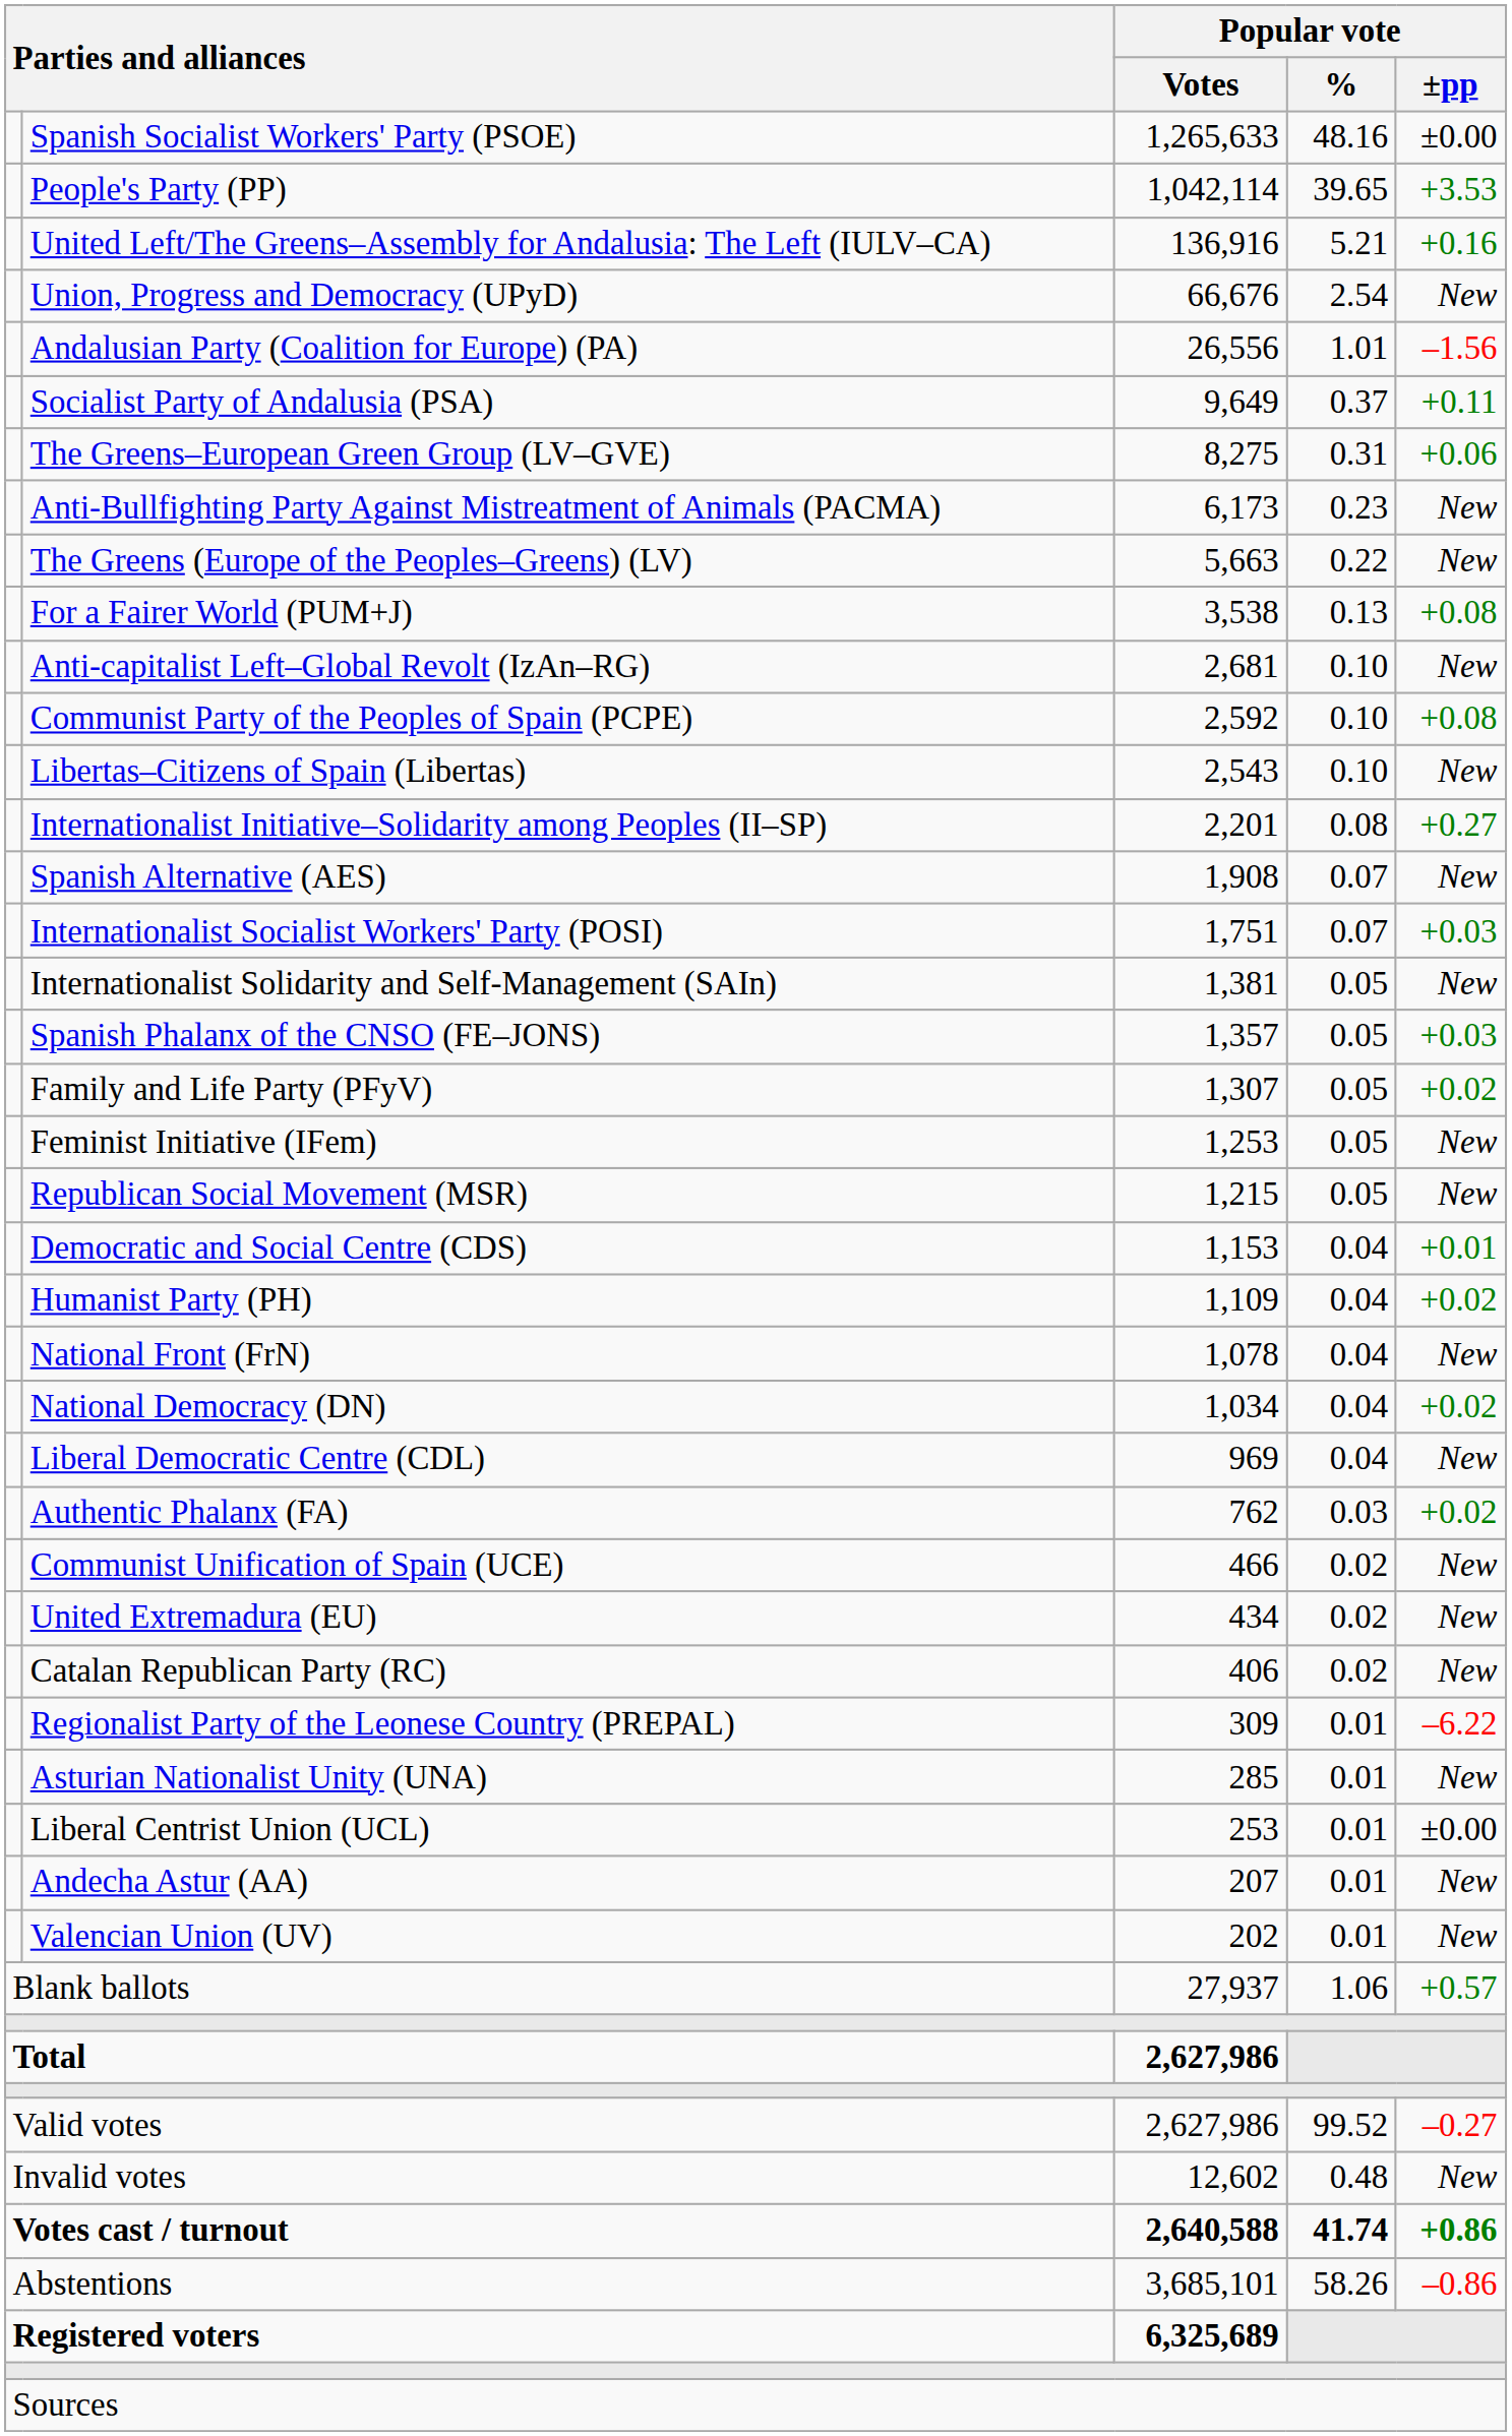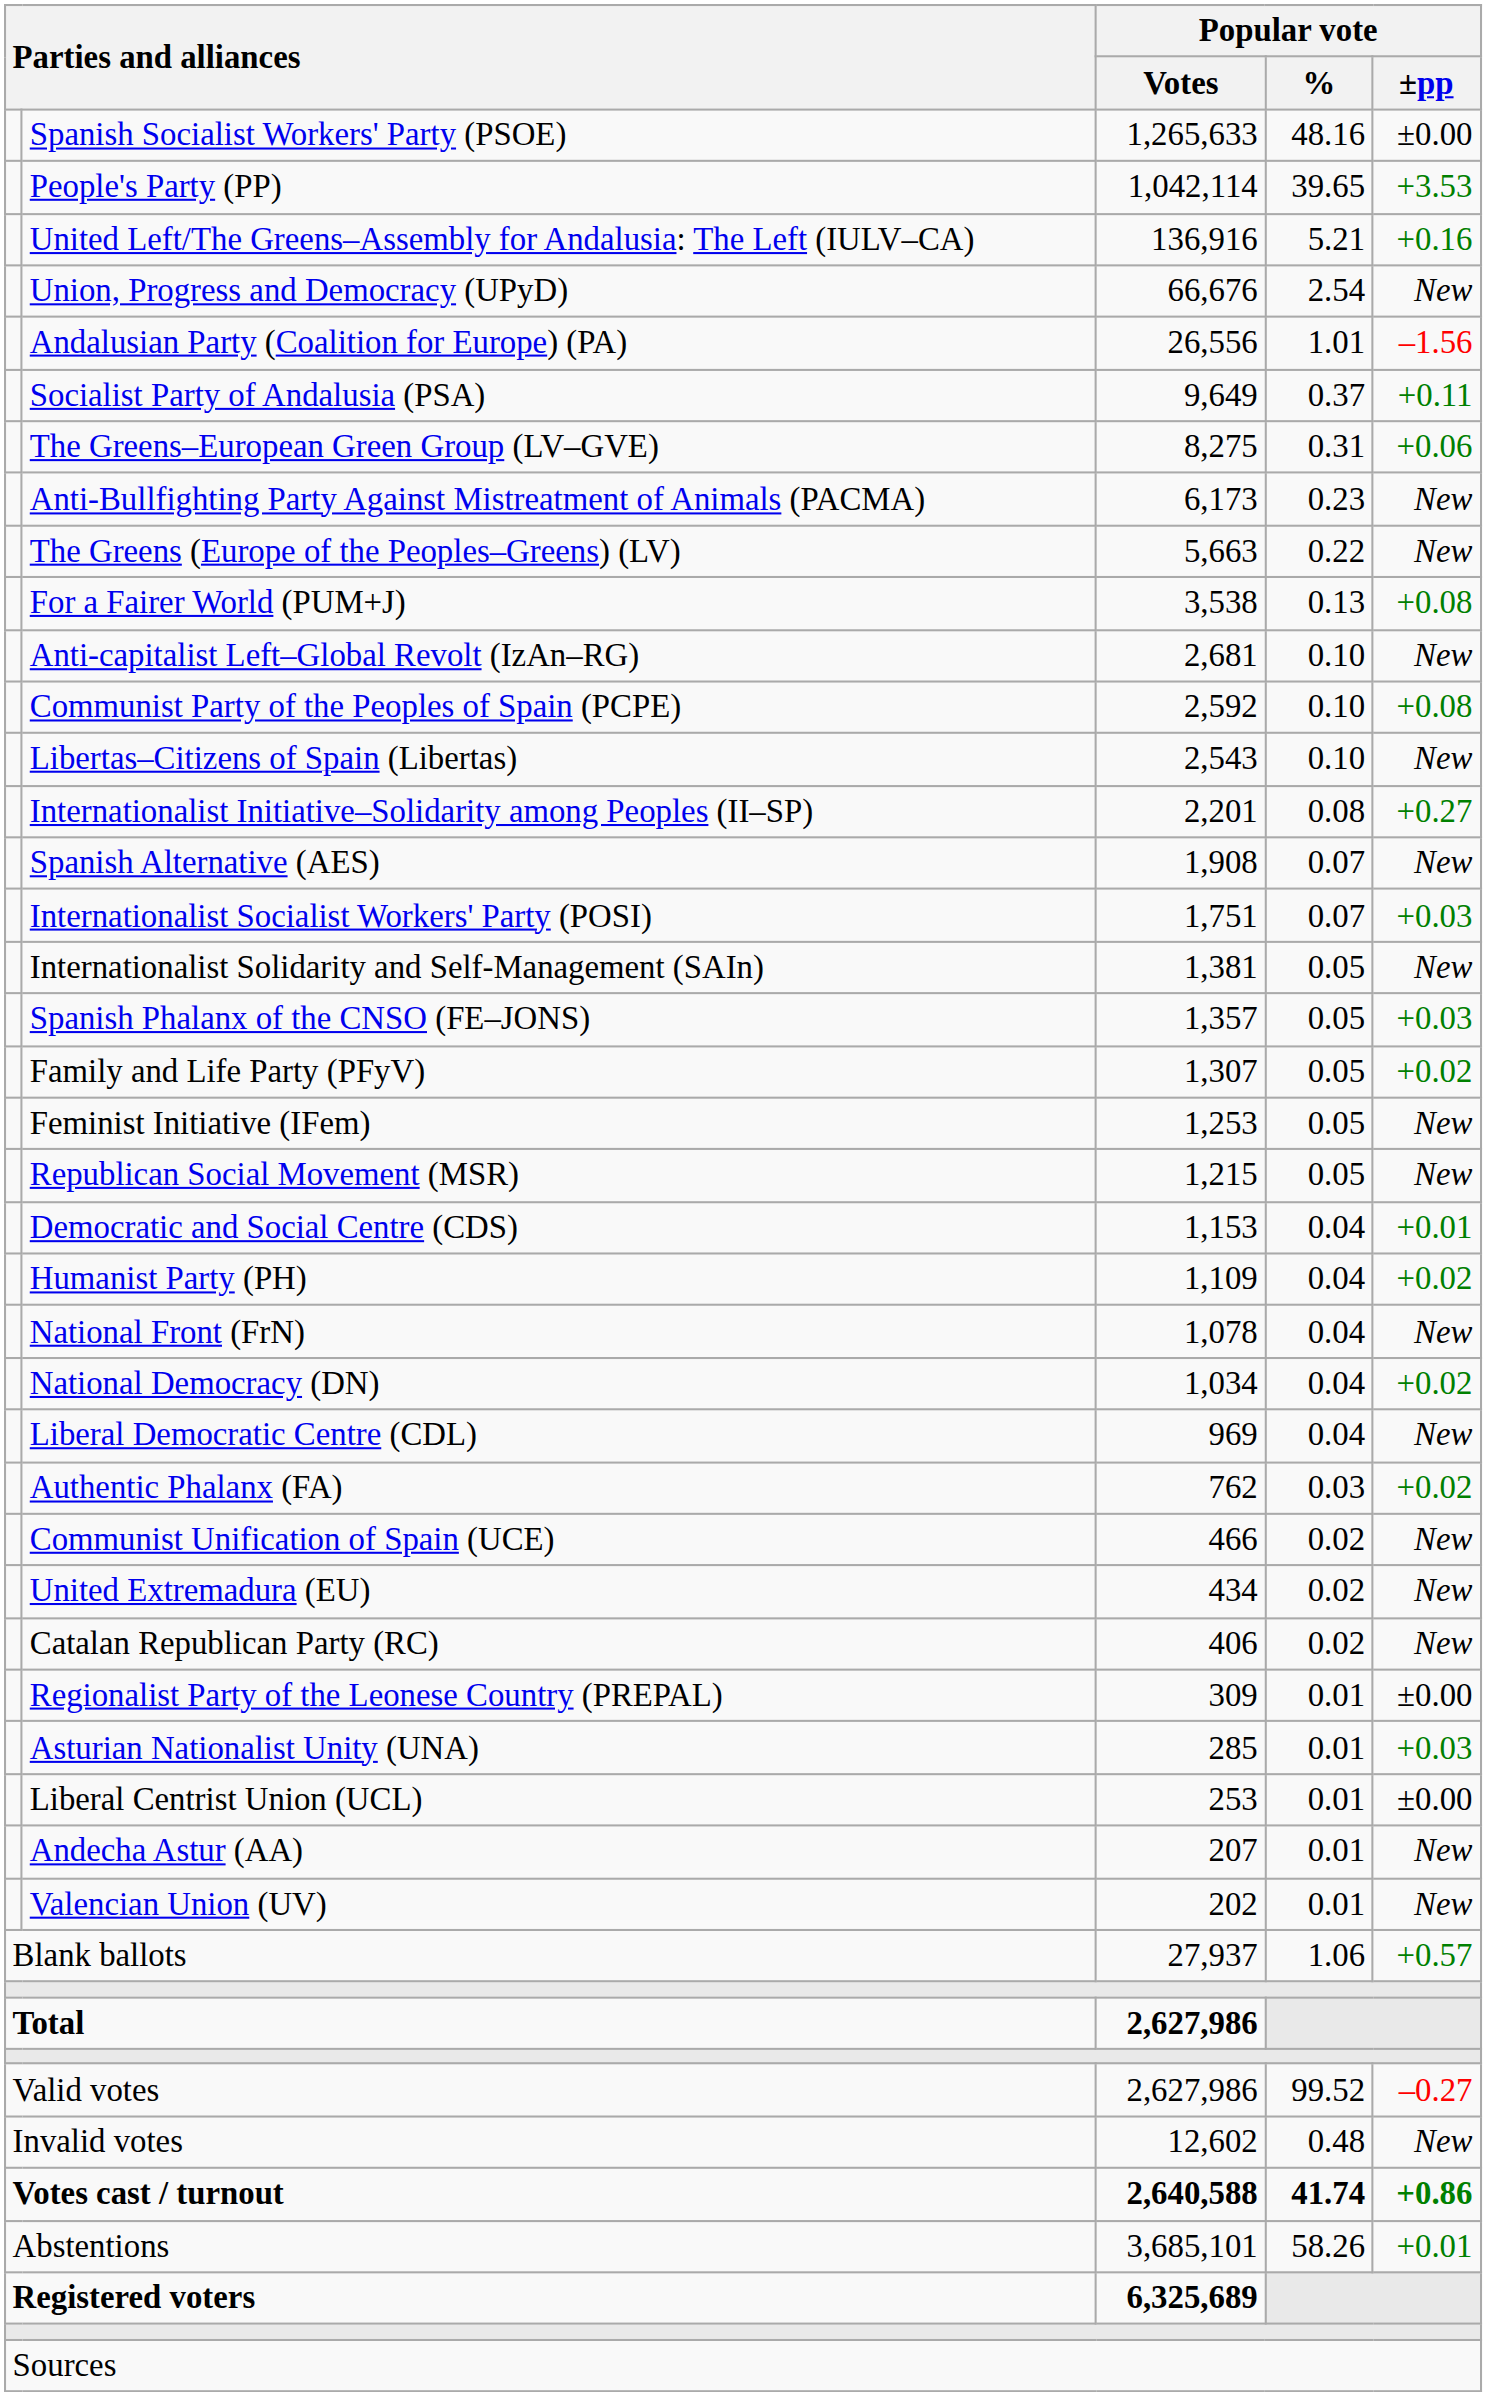 <table class="wikitable" style="text-align:right">
 <tr>
 <th style="text-align:left;" rowspan="2" colspan="2" width="525">Parties and alliances</th>
 <th colspan="3">Popular vote</th>
 </tr>
 <tr>
 <th width="75">Votes</th>
 <th width="45">%</th>
 <th width="45">±<a href='#'>pp</a></th>
 </tr>
 <tr>
 <td width="1" style="color:inherit;background:"></td>
 <td align="left"><a href='#'>Spanish Socialist Workers' Party</a> (PSOE)</td>
 <td>1,265,633</td>
 <td>48.16</td>
 <td>±0.00</td>
 </tr>
 <tr>
 <td style="color:inherit;background:"></td>
 <td align="left"><a href='#'>People's Party</a> (PP)</td>
 <td>1,042,114</td>
 <td>39.65</td>
 <td style="color:green;">+3.53</td>
 </tr>
 <tr>
 <td style="color:inherit;background:"></td>
 <td align="left"><a href='#'>United Left/The Greens–Assembly for Andalusia</a>: <a href='#'>The Left</a> (IULV–CA)</td>
 <td>136,916</td>
 <td>5.21</td>
 <td style="color:green;">+0.16</td>
 </tr>
 <tr>
 <td style="color:inherit;background:"></td>
 <td align="left"><a href='#'>Union, Progress and Democracy</a> (UPyD)</td>
 <td>66,676</td>
 <td>2.54</td>
 <td><em>New</em></td>
 </tr>
 <tr>
 <td style="color:inherit;background:"></td>
 <td align="left"><a href='#'>Andalusian Party</a> (<a href='#'>Coalition for Europe</a>) (PA)</td>
 <td>26,556</td>
 <td>1.01</td>
 <td style="color:red;">–1.56</td>
 </tr>
 <tr>
 <td style="color:inherit;background:"></td>
 <td align="left"><a href='#'>Socialist Party of Andalusia</a> (PSA)</td>
 <td>9,649</td>
 <td>0.37</td>
 <td style="color:green;">+0.11</td>
 </tr>
 <tr>
 <td style="color:inherit;background:"></td>
 <td align="left"><a href='#'>The Greens–European Green Group</a> (LV–GVE)</td>
 <td>8,275</td>
 <td>0.31</td>
 <td style="color:green;">+0.06</td>
 </tr>
 <tr>
 <td style="color:inherit;background:"></td>
 <td align="left"><a href='#'>Anti-Bullfighting Party Against Mistreatment of Animals</a> (PACMA)</td>
 <td>6,173</td>
 <td>0.23</td>
 <td><em>New</em></td>
 </tr>
 <tr>
 <td style="color:inherit;background:"></td>
 <td align="left"><a href='#'>The Greens</a> (<a href='#'>Europe of the Peoples–Greens</a>) (LV)</td>
 <td>5,663</td>
 <td>0.22</td>
 <td><em>New</em></td>
 </tr>
 <tr>
 <td style="color:inherit;background:"></td>
 <td align="left"><a href='#'>For a Fairer World</a> (PUM+J)</td>
 <td>3,538</td>
 <td>0.13</td>
 <td style="color:green;">+0.08</td>
 </tr>
 <tr>
 <td style="color:inherit;background:"></td>
 <td align="left"><a href='#'>Anti-capitalist Left–Global Revolt</a> (IzAn–RG)</td>
 <td>2,681</td>
 <td>0.10</td>
 <td><em>New</em></td>
 </tr>
 <tr>
 <td style="color:inherit;background:"></td>
 <td align="left"><a href='#'>Communist Party of the Peoples of Spain</a> (PCPE)</td>
 <td>2,592</td>
 <td>0.10</td>
 <td style="color:green;">+0.08</td>
 </tr>
 <tr>
 <td style="color:inherit;background:"></td>
 <td align="left"><a href='#'>Libertas–Citizens of Spain</a> (Libertas)</td>
 <td>2,543</td>
 <td>0.10</td>
 <td><em>New</em></td>
 </tr>
 <tr>
 <td style="color:inherit;background:"></td>
 <td align="left"><a href='#'>Internationalist Initiative–Solidarity among Peoples</a> (II–SP)</td>
 <td>2,201</td>
 <td>0.08</td>
 <td style="color:green;">+0.27</td>
 </tr>
 <tr>
 <td style="color:inherit;background:"></td>
 <td align="left"><a href='#'>Spanish Alternative</a> (AES)</td>
 <td>1,908</td>
 <td>0.07</td>
 <td><em>New</em></td>
 </tr>
 <tr>
 <td style="color:inherit;background:"></td>
 <td align="left"><a href='#'>Internationalist Socialist Workers' Party</a> (POSI)</td>
 <td>1,751</td>
 <td>0.07</td>
 <td style="color:green;">+0.03</td>
 </tr>
 <tr>
 <td style="color:inherit;background:"></td>
 <td align="left">Internationalist Solidarity and Self-Management (SAIn)</td>
 <td>1,381</td>
 <td>0.05</td>
 <td><em>New</em></td>
 </tr>
 <tr>
 <td style="color:inherit;background:"></td>
 <td align="left"><a href='#'>Spanish Phalanx of the CNSO</a> (FE–JONS)</td>
 <td>1,357</td>
 <td>0.05</td>
 <td style="color:green;">+0.03</td>
 </tr>
 <tr>
 <td style="color:inherit;background:"></td>
 <td align="left">Family and Life Party (PFyV)</td>
 <td>1,307</td>
 <td>0.05</td>
 <td style="color:green;">+0.02</td>
 </tr>
 <tr>
 <td style="color:inherit;background:"></td>
 <td align="left">Feminist Initiative (IFem)</td>
 <td>1,253</td>
 <td>0.05</td>
 <td><em>New</em></td>
 </tr>
 <tr>
 <td style="color:inherit;background:"></td>
 <td align="left"><a href='#'>Republican Social Movement</a> (MSR)</td>
 <td>1,215</td>
 <td>0.05</td>
 <td><em>New</em></td>
 </tr>
 <tr>
 <td style="color:inherit;background:"></td>
 <td align="left"><a href='#'>Democratic and Social Centre</a> (CDS)</td>
 <td>1,153</td>
 <td>0.04</td>
 <td style="color:green;">+0.01</td>
 </tr>
 <tr>
 <td style="color:inherit;background:"></td>
 <td align="left"><a href='#'>Humanist Party</a> (PH)</td>
 <td>1,109</td>
 <td>0.04</td>
 <td style="color:green;">+0.02</td>
 </tr>
 <tr>
 <td style="color:inherit;background:"></td>
 <td align="left"><a href='#'>National Front</a> (FrN)</td>
 <td>1,078</td>
 <td>0.04</td>
 <td><em>New</em></td>
 </tr>
 <tr>
 <td style="color:inherit;background:"></td>
 <td align="left"><a href='#'>National Democracy</a> (DN)</td>
 <td>1,034</td>
 <td>0.04</td>
 <td style="color:green;">+0.02</td>
 </tr>
 <tr>
 <td style="color:inherit;background:"></td>
 <td align="left"><a href='#'>Liberal Democratic Centre</a> (CDL)</td>
 <td>969</td>
 <td>0.04</td>
 <td><em>New</em></td>
 </tr>
 <tr>
 <td style="color:inherit;background:"></td>
 <td align="left"><a href='#'>Authentic Phalanx</a> (FA)</td>
 <td>762</td>
 <td>0.03</td>
 <td style="color:green;">+0.02</td>
 </tr>
 <tr>
 <td style="color:inherit;background:"></td>
 <td align="left"><a href='#'>Communist Unification of Spain</a> (UCE)</td>
 <td>466</td>
 <td>0.02</td>
 <td><em>New</em></td>
 </tr>
 <tr>
 <td style="color:inherit;background:"></td>
 <td align="left"><a href='#'>United Extremadura</a> (EU)</td>
 <td>434</td>
 <td>0.02</td>
 <td><em>New</em></td>
 </tr>
 <tr>
 <td style="color:inherit;background:"></td>
 <td align="left">Catalan Republican Party (RC)</td>
 <td>406</td>
 <td>0.02</td>
 <td><em>New</em></td>
 </tr>
 <tr>
 <td style="color:inherit;background:"></td>
 <td align="left"><a href='#'>Regionalist Party of the Leonese Country</a> (PREPAL)</td>
 <td>309</td>
 <td>0.01</td>
-<td style="color:red;">–6.22</td>
+<td>±0.00</td>
 </tr>
 <tr>
 <td style="color:inherit;background:"></td>
 <td align="left"><a href='#'>Asturian Nationalist Unity</a> (UNA)</td>
 <td>285</td>
 <td>0.01</td>
-<td><em>New</em></td>
+<td style="color:green;">+0.03</td>
 </tr>
 <tr>
 <td style="color:inherit;background:"></td>
 <td align="left">Liberal Centrist Union (UCL)</td>
 <td>253</td>
 <td>0.01</td>
 <td>±0.00</td>
 </tr>
 <tr>
 <td style="color:inherit;background:"></td>
 <td align="left"><a href='#'>Andecha Astur</a> (AA)</td>
 <td>207</td>
 <td>0.01</td>
 <td><em>New</em></td>
 </tr>
 <tr>
 <td style="color:inherit;background:"></td>
 <td align="left"><a href='#'>Valencian Union</a> (UV)</td>
 <td>202</td>
 <td>0.01</td>
 <td><em>New</em></td>
 </tr>
 <tr>
 <td align="left" colspan="2">Blank ballots</td>
 <td>27,937</td>
 <td>1.06</td>
 <td style="color:green;">+0.57</td>
 </tr>
 <tr>
 <td colspan="5" bgcolor="#E9E9E9"></td>
 </tr>
 <tr style="font-weight:bold;">
 <td align="left" colspan="2">Total</td>
 <td>2,627,986</td>
 <td bgcolor="#E9E9E9" colspan="2"></td>
 </tr>
 <tr>
 <td colspan="5" bgcolor="#E9E9E9"></td>
 </tr>
 <tr>
 <td align="left" colspan="2">Valid votes</td>
 <td>2,627,986</td>
 <td>99.52</td>
 <td style="color:red;">–0.27</td>
 </tr>
 <tr>
 <td align="left" colspan="2">Invalid votes</td>
 <td>12,602</td>
 <td>0.48</td>
 <td><em>New</em></td>
 </tr>
 <tr style="font-weight:bold;">
 <td align="left" colspan="2">Votes cast / turnout</td>
 <td>2,640,588</td>
 <td>41.74</td>
 <td style="color:green;">+0.86</td>
 </tr>
 <tr>
 <td align="left" colspan="2">Abstentions</td>
 <td>3,685,101</td>
 <td>58.26</td>
-<td style="color:red;">–0.86</td>
+<td style="color:green;">+0.01</td>
 </tr>
 <tr style="font-weight:bold;">
 <td align="left" colspan="2">Registered voters</td>
 <td>6,325,689</td>
 <td bgcolor="#E9E9E9" colspan="2"></td>
 </tr>
 <tr>
 <td colspan="5" bgcolor="#E9E9E9"></td>
 </tr>
 <tr>
 <td align="left" colspan="5">Sources</td>
 </tr>
 </table>
